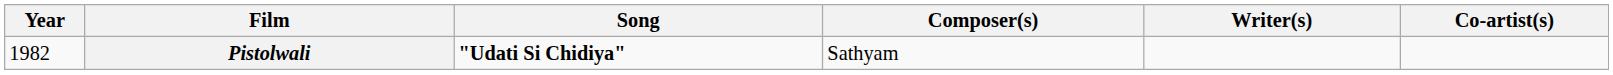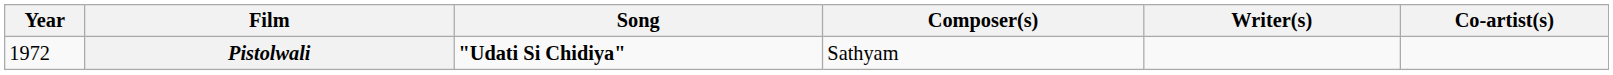 <table class="wikitable plainrowheaders" width="100%" textcolor:#000;">
 <tr style="background:#b0e0e66;">
 <th scope="col" width=5%><strong>Year</strong></th>
 <th scope="col" width=23%><strong>Film</strong></th>
 <th scope="col" width=23%><strong>Song</strong></th>
 <th scope="col" width=20%><strong>Composer(s)</strong></th>
 <th scope="col" width=16%><strong>Writer(s)</strong></th>
 <th scope="col" width=18%><strong>Co-artist(s)</strong></th>
 </tr>
 <tr>
-<td>1982</td>
+<td>1972</td>
 <th><em>Pistolwali</em></th>
 <td><strong>"Udati Si Chidiya"</strong></td>
 <td>Sathyam</td>
 <td></td>
 </tr>
 </table>
